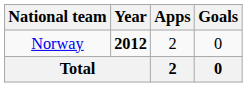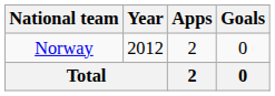 <table class="wikitable" style="text-align:center">
 <tr>
 <th>National team</th>
 <th>Year</th>
 <th>Apps</th>
 <th>Goals</th>
 </tr>
 <tr>
 <td rowspan="1"><a href='#'>Norway</a></td>
-<td><strong>2012</strong></td>
+<td>2012</td>
 <td>2</td>
 <td>0</td>
 </tr>
 <tr>
 <th colspan="2">Total</th>
 <th>2</th>
 <th>0</th>
 </tr>
 </table>
